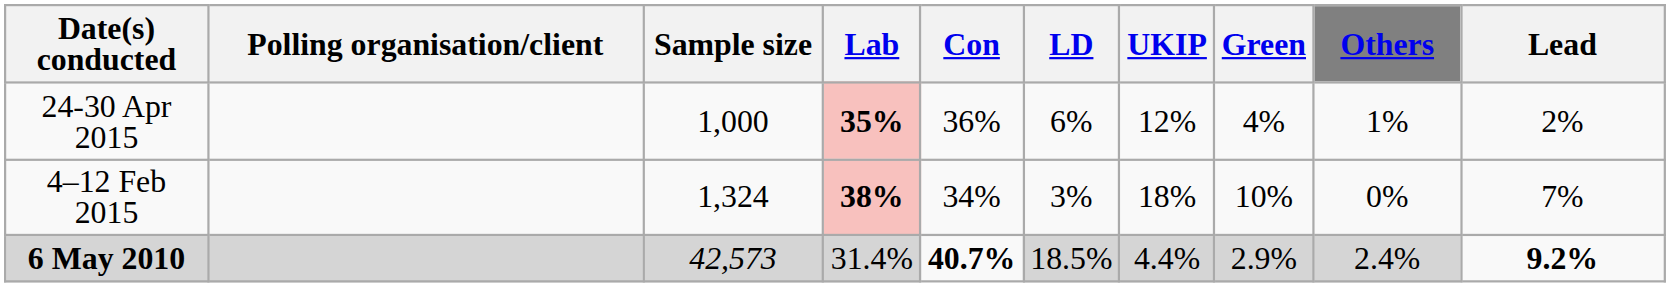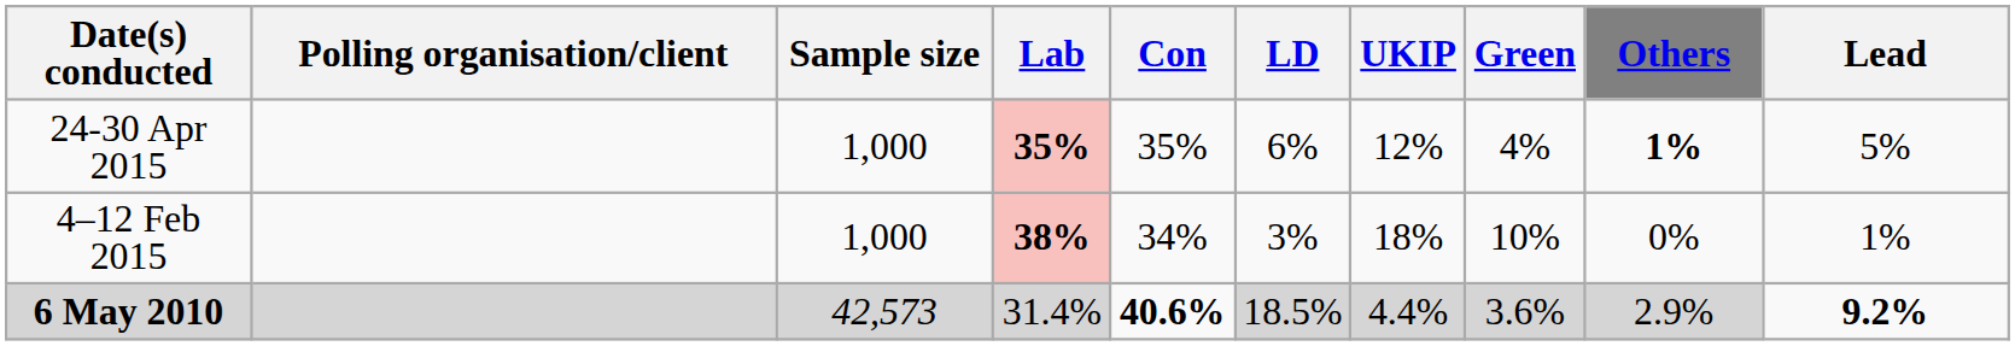 <table class="wikitable sortable" style="text-align:center;font-size:90%;line-height:14px">
 <tr>
 <th ! style="width:85px;">Date(s)<br>conducted</th>
 <th style="width:190px;">Polling organisation/client</th>
 <th class="unsortable" style="width:75px;">Sample size</th>
 <th class="unsortable" style="background:"><a href='#'><span>Lab</span></a></th>
 <th class="unsortable" style="background:"><a href='#'><span>Con</span></a></th>
 <th class="unsortable" style="background:"><a href='#'><span>LD</span></a></th>
 <th class="unsortable" style="background:"><a href='#'><span>UKIP</span></a></th>
 <th class="unsortable" style="background:"><a href='#'><span>Green</span></a></th>
 <th class="unsortable" style="background:gray; width:60px;"><a href='#'><span>Others</span></a></th>
 <th class="unsortable" style="width:85px;">Lead</th>
 </tr>
 <tr>
 <td>24-30 Apr 2015</td>
 <td></td>
 <td>1,000</td>
 <td style="background:#F8C1BE"><strong>35%</strong></td>
-<td>36%</td>
+<td>35%</td>
 <td>6%</td>
 <td>12%</td>
 <td>4%</td>
-<td>1%</td>
-<td style="background:">2%</td>
+<td><strong>1%</strong></td>
+<td style="background:">5%</td>
 </tr>
 <tr>
 <td>4–12 Feb 2015</td>
 <td></td>
-<td>1,324</td>
+<td>1,000</td>
 <td style="background:#F8C1BE"><strong>38%</strong></td>
 <td>34%</td>
 <td>3%</td>
 <td>18%</td>
 <td>10%</td>
 <td>0%</td>
-<td style="background:">7%</td>
+<td style="background:">1%</td>
 </tr>
 <tr>
 <td style="background:#D5D5D5"><strong>6 May 2010</strong></td>
 <td style="background:#D5D5D5"></td>
 <td style="background:#D5D5D5"><em>42,573</em></td>
 <td style="background:#D5D5D5">31.4%</td>
-<td style="background:"><strong>40.7%</strong></td>
+<td style="background:"><strong>40.6%</strong></td>
 <td style="background:#D5D5D5">18.5%</td>
 <td style="background:#D5D5D5">4.4%</td>
+<td style="background:#D5D5D5">3.6%</td>
 <td style="background:#D5D5D5">2.9%</td>
-<td style="background:#D5D5D5">2.4%</td>
 <td style="background:"><strong>9.2% </strong></td>
 </tr>
 </table>
